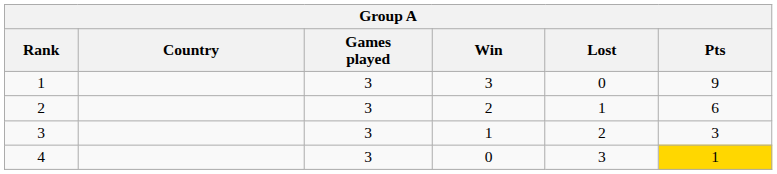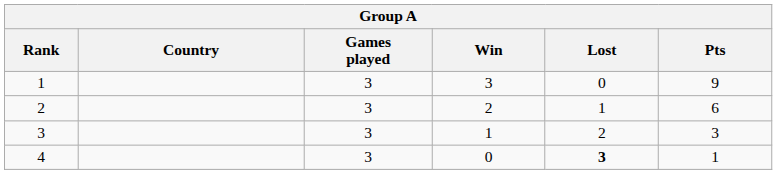 <table class="wikitable" style= "text-align: center; Width:50%">
 <tr>
 <th colspan= 6>Group A</th>
 </tr>
 <tr>
 <th width=2%>Rank</th>
 <th width=10%>Country</th>
 <th width=5%>Games <br> played</th>
 <th width=5%>Win</th>
 <th width=5%>Lost</th>
 <th width=5%>Pts</th>
 </tr>
 <tr>
 <td>1</td>
 <td style= "text-align: left"></td>
 <td>3</td>
 <td>3</td>
 <td>0</td>
 <td>9</td>
 </tr>
 <tr>
 <td>2</td>
 <td style= "text-align: left"></td>
 <td>3</td>
 <td>2</td>
 <td>1</td>
 <td>6</td>
 </tr>
 <tr>
 <td>3</td>
 <td style= "text-align: left"></td>
 <td>3</td>
 <td>1</td>
 <td>2</td>
 <td>3</td>
 </tr>
 <tr>
 <td>4</td>
 <td style= "text-align: left"></td>
 <td>3</td>
 <td>0</td>
-<td>3</td>
-<td style="background: gold;">1</td>
+<td><strong>3</strong></td>
+<td>1</td>
 </tr>
 </table>
